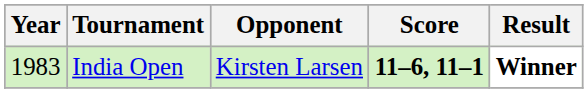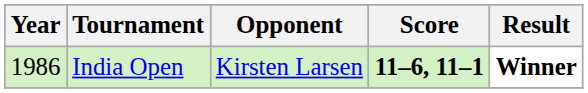 <table class="sortable wikitable" style="font-size: 90%;">
 <tr>
 <th>Year</th>
 <th>Tournament</th>
 <th>Opponent</th>
 <th>Score</th>
 <th>Result</th>
 </tr>
 <tr style="background:#D4F1C5">
-<td align="center">1983</td>
+<td align="center">1986</td>
 <td align="left"><a href='#'>India Open</a></td>
 <td align="left"> <a href='#'>Kirsten Larsen</a></td>
 <td align="left"><strong>11–6, 11–1</strong></td>
 <td style="text-align:left; background:white"> <strong>Winner</strong></td>
 </tr>
 </table>
